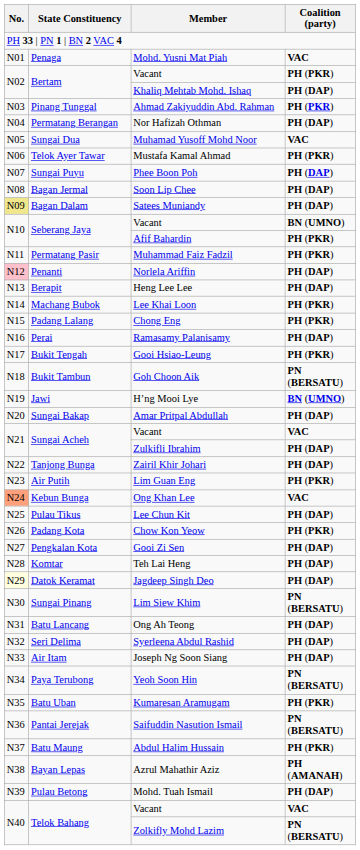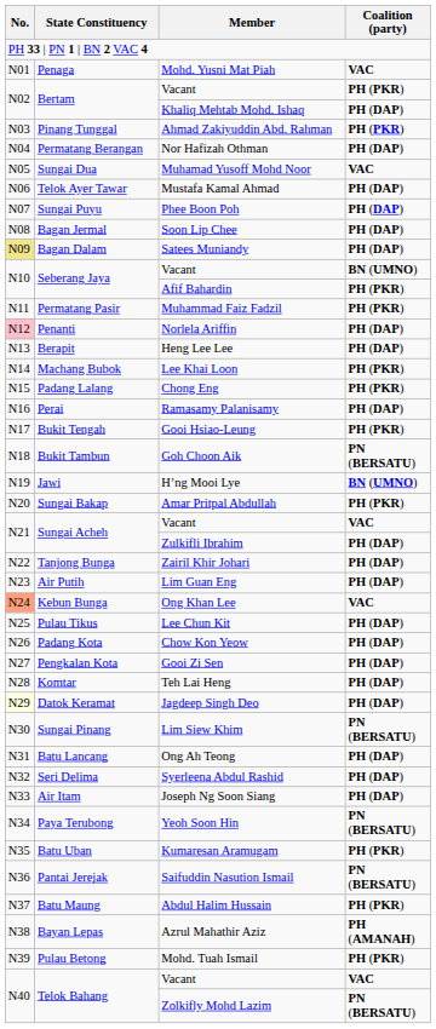 <table class="wikitable sortable">
 <tr>
 <th style="width:30px;">No.</th>
 <th style="width:150px;">State Constituency</th>
 <th style="width:230px;">Member</th>
 <th style="width:100px;">Coalition (party)</th>
 </tr>
 <tr>
 <td colspan="4"><a href='#'>PH</a> <strong>33</strong> | <a href='#'>PN</a> <strong>1</strong> | <a href='#'>BN</a> <strong>2</strong> <a href='#'>VAC</a> <strong>4</strong></td>
 </tr>
 <tr>
 <td>N01</td>
 <td><a href='#'>Penaga</a></td>
 <td><a href='#'>Mohd. Yusni Mat Piah</a></td>
 <td><strong>VAC</strong></td>
 </tr>
 <tr>
 <td rowspan=2>N02</td>
 <td rowspan=2><a href='#'>Bertam</a></td>
 <td>Vacant </td>
 <td style="background:"><strong>PH</strong> (<strong>PKR</strong>)</td>
 </tr>
 <tr>
 <td><a href='#'>Khaliq Mehtab Mohd. Ishaq</a> </td>
 <td style="background:"><strong>PH</strong> (<strong>DAP</strong>)</td>
 </tr>
 <tr>
 <td>N03</td>
 <td><a href='#'>Pinang Tunggal</a></td>
 <td><a href='#'>Ahmad Zakiyuddin Abd. Rahman</a></td>
 <td style="background:"><strong>PH</strong> (<a href='#'><strong>PKR</strong></a>)</td>
 </tr>
 <tr>
 <td>N04</td>
 <td><a href='#'>Permatang Berangan</a></td>
 <td>Nor Hafizah Othman</td>
 <td style="background:"><strong>PH</strong> (<strong>DAP</strong>)</td>
 </tr>
 <tr>
 <td>N05</td>
 <td><a href='#'>Sungai Dua</a></td>
 <td><a href='#'>Muhamad Yusoff Mohd Noor</a></td>
 <td><strong>VAC</strong></td>
 </tr>
 <tr>
 <td>N06</td>
 <td><a href='#'>Telok Ayer Tawar</a></td>
 <td>Mustafa Kamal Ahmad</td>
-<td style="background:"><strong>PH</strong> (<strong>PKR</strong>)</td>
+<td style="background:"><strong>PH</strong> (<strong>DAP</strong>)</td>
 </tr>
 <tr>
 <td>N07</td>
 <td><a href='#'>Sungai Puyu</a></td>
 <td><a href='#'>Phee Boon Poh</a></td>
 <td style="background:"><strong>PH</strong> (<strong><a href='#'>DAP</a></strong>)</td>
 </tr>
 <tr>
 <td>N08</td>
 <td><a href='#'>Bagan Jermal</a></td>
 <td><a href='#'>Soon Lip Chee</a></td>
 <td style="background:"><strong>PH</strong> (<strong>DAP</strong>)</td>
 </tr>
 <tr>
 <td style="background: khaki;">N09</td>
 <td><a href='#'>Bagan Dalam</a></td>
 <td><a href='#'>Satees Muniandy</a></td>
 <td style="background:"><strong>PH</strong> (<strong>DAP</strong>)</td>
 </tr>
 <tr>
 <td rowspan=2>N10</td>
 <td rowspan=2><a href='#'>Seberang Jaya</a></td>
 <td>Vacant </td>
 <td style="background:"><strong>BN</strong> (<strong>UMNO</strong>)</td>
 </tr>
 <tr>
 <td><a href='#'>Afif Bahardin</a> </td>
 <td style="background:"><strong>PH</strong> (<strong>PKR</strong>)</td>
 </tr>
 <tr>
 <td>N11</td>
 <td><a href='#'>Permatang Pasir</a></td>
 <td><a href='#'>Muhammad Faiz Fadzil</a></td>
 <td style="background:"><strong>PH</strong> (<strong>PKR</strong>)</td>
 </tr>
 <tr>
 <td style="background: pink;">N12</td>
 <td><a href='#'>Penanti</a></td>
 <td><a href='#'>Norlela Ariffin</a></td>
 <td style="background:"><strong>PH</strong> (<strong>DAP</strong>)</td>
 </tr>
 <tr>
 <td>N13</td>
 <td><a href='#'>Berapit</a></td>
 <td>Heng Lee Lee</td>
 <td style="background:"><strong>PH</strong> (<strong>DAP</strong>)</td>
 </tr>
 <tr>
 <td>N14</td>
 <td><a href='#'>Machang Bubok</a></td>
 <td><a href='#'>Lee Khai Loon</a></td>
 <td style="background:"><strong>PH</strong> (<strong>PKR</strong>)</td>
 </tr>
 <tr>
 <td>N15</td>
 <td><a href='#'>Padang Lalang</a></td>
 <td><a href='#'>Chong Eng</a></td>
 <td style="background:"><strong>PH</strong> (<strong>PKR</strong>)</td>
 </tr>
 <tr>
 <td>N16</td>
 <td><a href='#'>Perai</a></td>
 <td><a href='#'>Ramasamy Palanisamy</a></td>
 <td style="background:"><strong>PH</strong> (<strong>DAP</strong>)</td>
 </tr>
 <tr>
 <td>N17</td>
 <td><a href='#'>Bukit Tengah</a></td>
 <td><a href='#'>Gooi Hsiao-Leung</a></td>
 <td style="background:"><strong>PH</strong> (<strong>PKR</strong>)</td>
 </tr>
 <tr>
 <td>N18</td>
 <td><a href='#'>Bukit Tambun</a></td>
 <td><a href='#'>Goh Choon Aik</a></td>
 <td style="background:"><strong>PN</strong> (<strong>BERSATU</strong>)</td>
 </tr>
 <tr>
 <td>N19</td>
 <td><a href='#'>Jawi</a></td>
 <td>H’ng Mooi Lye</td>
 <td style="background:"><strong><a href='#'>BN</a></strong> (<strong><a href='#'>UMNO</a></strong>)</td>
 </tr>
 <tr>
 <td>N20</td>
 <td><a href='#'>Sungai Bakap</a></td>
 <td><a href='#'>Amar Pritpal Abdullah</a></td>
-<td style="background:"><strong>PH</strong> (<strong>DAP</strong>)</td>
+<td style="background:"><strong>PH</strong> (<strong>PKR</strong>)</td>
 </tr>
 <tr>
 <td rowspan=2>N21</td>
 <td rowspan=2><a href='#'>Sungai Acheh</a></td>
 <td>Vacant </td>
 <td><strong>VAC</strong></td>
 </tr>
 <tr>
 <td><a href='#'>Zulkifli Ibrahim</a> </td>
 <td style="background:"><strong>PH</strong> (<strong>DAP</strong>)</td>
 </tr>
 <tr>
 <td>N22</td>
 <td><a href='#'>Tanjong Bunga</a></td>
 <td><a href='#'>Zairil Khir Johari</a></td>
 <td style="background:"><strong>PH</strong> (<strong>DAP</strong>)</td>
 </tr>
 <tr>
 <td>N23</td>
 <td><a href='#'>Air Putih</a></td>
 <td><a href='#'>Lim Guan Eng</a></td>
-<td style="background:"><strong>PH</strong> (<strong>PKR</strong>)</td>
+<td style="background:"><strong>PH</strong> (<strong>DAP</strong>)</td>
 </tr>
 <tr>
 <td style="background: lightsalmon;">N24</td>
 <td><a href='#'>Kebun Bunga</a></td>
 <td><a href='#'>Ong Khan Lee</a></td>
 <td><strong>VAC</strong></td>
 </tr>
 <tr>
 <td>N25</td>
 <td><a href='#'>Pulau Tikus</a></td>
 <td><a href='#'>Lee Chun Kit</a></td>
 <td style="background:"><strong>PH</strong> (<strong>DAP</strong>)</td>
 </tr>
 <tr>
 <td>N26</td>
 <td><a href='#'>Padang Kota</a></td>
 <td><a href='#'>Chow Kon Yeow</a></td>
-<td style="background:"><strong>PH</strong> (<strong>PKR</strong>)</td>
+<td style="background:"><strong>PH</strong> (<strong>DAP</strong>)</td>
 </tr>
 <tr>
 <td>N27</td>
 <td><a href='#'>Pengkalan Kota</a></td>
 <td><a href='#'>Gooi Zi Sen</a></td>
 <td style="background:"><strong>PH</strong> (<strong>DAP</strong>)</td>
 </tr>
 <tr>
 <td>N28</td>
 <td><a href='#'>Komtar</a></td>
 <td>Teh Lai Heng</td>
 <td style="background:"><strong>PH</strong> (<strong>DAP</strong>)</td>
 </tr>
 <tr>
 <td style="background: lightyellow;">N29</td>
 <td><a href='#'>Datok Keramat</a></td>
 <td><a href='#'>Jagdeep Singh Deo</a></td>
 <td style="background:"><strong>PH</strong> (<strong>DAP</strong>)</td>
 </tr>
 <tr>
 <td>N30</td>
 <td><a href='#'>Sungai Pinang</a></td>
 <td><a href='#'>Lim Siew Khim</a></td>
 <td style="background:"><strong>PN</strong> (<strong>BERSATU</strong>)</td>
 </tr>
 <tr>
 <td>N31</td>
 <td><a href='#'>Batu Lancang</a></td>
 <td>Ong Ah Teong</td>
 <td style="background:"><strong>PH</strong> (<strong>DAP</strong>)</td>
 </tr>
 <tr>
 <td>N32</td>
 <td><a href='#'>Seri Delima</a></td>
 <td><a href='#'>Syerleena Abdul Rashid</a></td>
 <td style="background:"><strong>PH</strong> (<strong>DAP</strong>)</td>
 </tr>
 <tr>
 <td>N33</td>
 <td><a href='#'>Air Itam</a></td>
 <td>Joseph Ng Soon Siang</td>
 <td style="background:"><strong>PH</strong> (<strong>DAP</strong>)</td>
 </tr>
 <tr>
 <td>N34</td>
 <td><a href='#'>Paya Terubong</a></td>
 <td><a href='#'>Yeoh Soon Hin</a></td>
 <td style="background:"><strong>PN</strong> (<strong>BERSATU</strong>)</td>
 </tr>
 <tr>
 <td>N35</td>
 <td><a href='#'>Batu Uban</a></td>
 <td><a href='#'>Kumaresan Aramugam</a></td>
 <td style="background:"><strong>PH</strong> (<strong>PKR</strong>)</td>
 </tr>
 <tr>
 <td>N36</td>
 <td><a href='#'>Pantai Jerejak</a></td>
 <td><a href='#'>Saifuddin Nasution Ismail</a></td>
 <td style="background:"><strong>PN</strong> (<strong>BERSATU</strong>)</td>
 </tr>
 <tr>
 <td>N37</td>
 <td><a href='#'>Batu Maung</a></td>
 <td><a href='#'>Abdul Halim Hussain</a></td>
 <td style="background:"><strong>PH</strong> (<strong>PKR</strong>)</td>
 </tr>
 <tr>
 <td>N38</td>
 <td><a href='#'>Bayan Lepas</a></td>
 <td>Azrul Mahathir Aziz</td>
 <td style="background:"><strong>PH</strong> (<strong>AMANAH</strong>)</td>
 </tr>
 <tr>
 <td>N39</td>
 <td><a href='#'>Pulau Betong</a></td>
 <td>Mohd. Tuah Ismail</td>
-<td style="background:"><strong>PH</strong> (<strong>DAP</strong>)</td>
+<td style="background:"><strong>PH</strong> (<strong>PKR</strong>)</td>
 </tr>
 <tr>
 <td rowspan=2>N40</td>
 <td rowspan=2><a href='#'>Telok Bahang</a></td>
 <td>Vacant </td>
 <td><strong>VAC</strong></td>
 </tr>
 <tr>
 <td><a href='#'>Zolkifly Mohd Lazim</a> </td>
 <td style="background:"><strong>PN</strong> (<strong>BERSATU</strong>)</td>
 </tr>
 </table>
